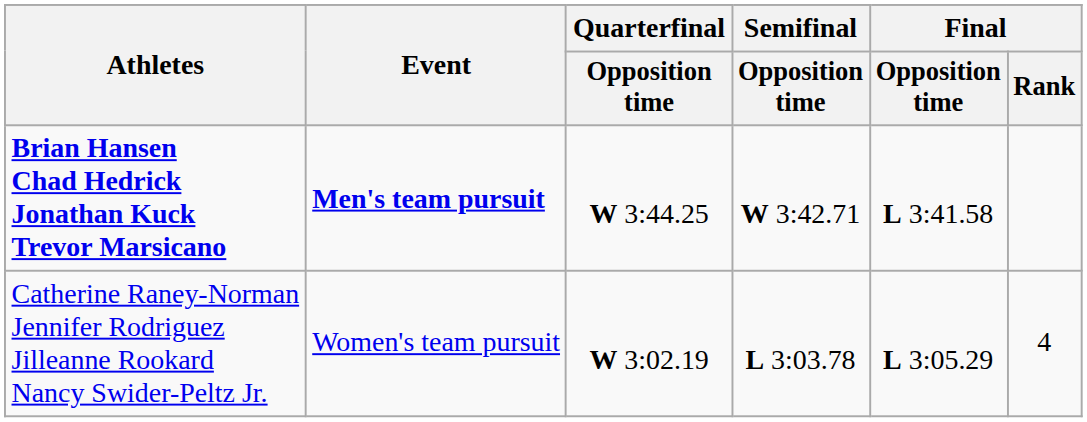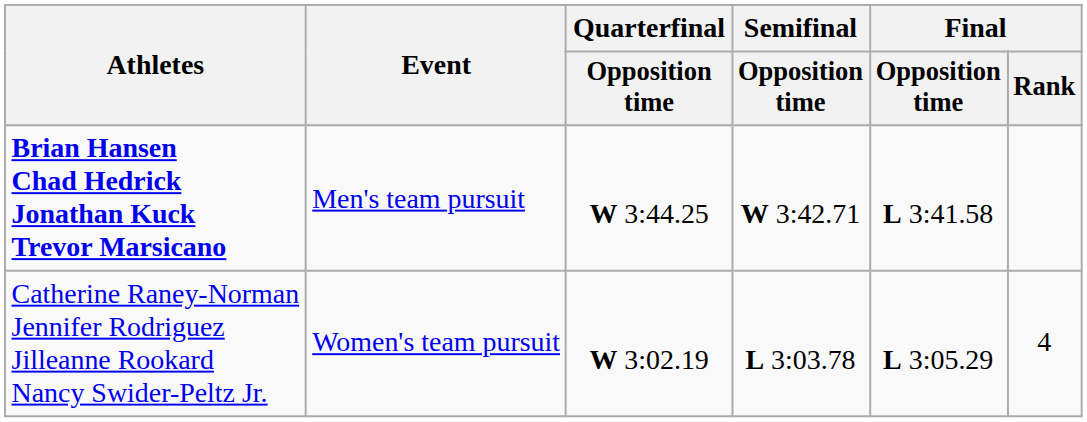 <table class=wikitable style=font-size:90%;text-align:center>
 <tr>
 <th rowspan=2>Athletes</th>
 <th rowspan=2>Event</th>
 <th>Quarterfinal</th>
 <th>Semifinal</th>
 <th colspan=2>Final</th>
 </tr>
 <tr style=font-size:95%>
 <th>Opposition <br> time</th>
 <th>Opposition <br> time</th>
 <th>Opposition <br> time</th>
 <th>Rank</th>
 </tr>
 <tr>
 <td align=left><strong><a href='#'>Brian Hansen</a><br><a href='#'>Chad Hedrick</a><br><a href='#'>Jonathan Kuck</a><br><a href='#'>Trevor Marsicano</a></strong></td>
-<td align=left><strong><a href='#'>Men's team pursuit</a></strong></td>
+<td align=left><a href='#'>Men's team pursuit</a></td>
 <td><br><strong>W</strong> 3:44.25</td>
 <td><br><strong>W</strong> 3:42.71</td>
 <td><br><strong>L</strong> 3:41.58</td>
 <td></td>
 </tr>
 <tr>
 <td align=left><a href='#'>Catherine Raney-Norman</a><br><a href='#'>Jennifer Rodriguez</a><br><a href='#'>Jilleanne Rookard</a><br><a href='#'>Nancy Swider-Peltz Jr.</a></td>
 <td align=left><a href='#'>Women's team pursuit</a></td>
 <td><br><strong>W</strong> 3:02.19</td>
 <td><br><strong>L</strong> 3:03.78</td>
 <td><br><strong>L</strong> 3:05.29</td>
 <td>4</td>
 </tr>
 </table>
